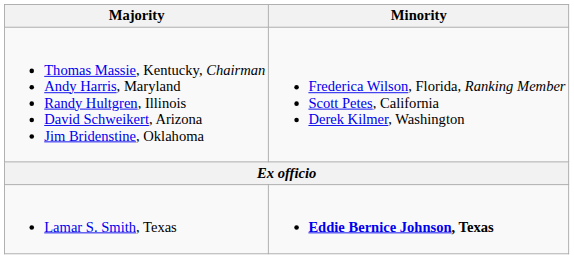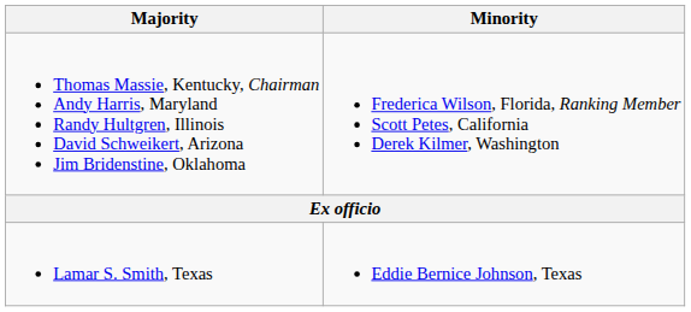 <table class=wikitable>
 <tr>
 <th>Majority</th>
 <th>Minority</th>
 </tr>
 <tr>
 <td><br><ul><li><a href='#'>Thomas Massie</a>, Kentucky, <em>Chairman</em></li><li><a href='#'>Andy Harris</a>, Maryland</li><li><a href='#'>Randy Hultgren</a>, Illinois</li><li><a href='#'>David Schweikert</a>, Arizona</li><li><a href='#'>Jim Bridenstine</a>, Oklahoma</li></ul></td>
 <td><br><ul><li><a href='#'>Frederica Wilson</a>, Florida, <em>Ranking Member</em></li><li><a href='#'>Scott Petes</a>, California</li><li><a href='#'>Derek Kilmer</a>, Washington</li></ul></td>
 </tr>
 <tr>
 <th colspan=2><em>Ex officio</em></th>
 </tr>
 <tr>
 <td><br><ul><li><a href='#'>Lamar S. Smith</a>, Texas</li></ul></td>
-<td><strong><br><ul><li><a href='#'>Eddie Bernice Johnson</a>, Texas</li></ul></strong></td>
+<td><br><ul><li><a href='#'>Eddie Bernice Johnson</a>, Texas</li></ul></td>
 </tr>
 </table>
